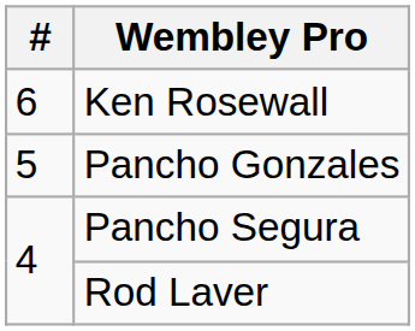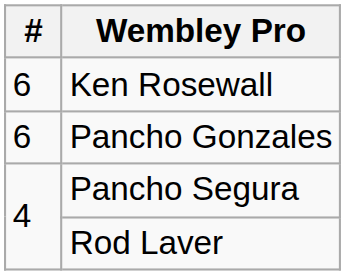 <table class=wikitable style="display:inline-table;">
 <tr>
 <th width=20>#</th>
 <th>Wembley Pro</th>
 </tr>
 <tr>
 <td>6</td>
 <td> Ken Rosewall</td>
 </tr>
 <tr>
-<td>5</td>
+<td>6</td>
 <td> Pancho Gonzales</td>
 </tr>
 <tr>
 <td rowspan="2">4</td>
 <td> Pancho Segura</td>
 </tr>
 <tr>
 <td> Rod Laver</td>
 </tr>
 </table>
